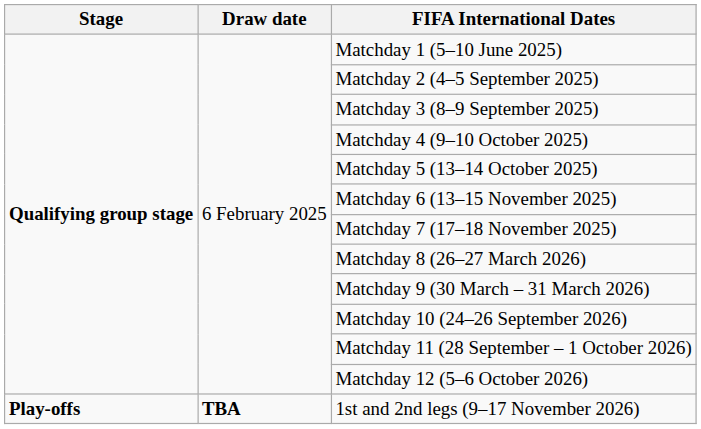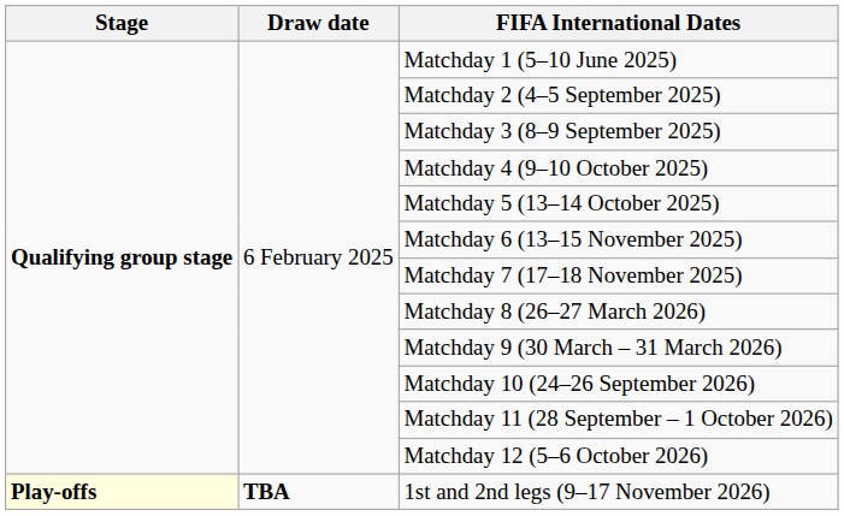 <table class="wikitable">
 <tr>
 <th>Stage</th>
 <th>Draw date</th>
 <th>FIFA International Dates</th>
 </tr>
 <tr>
 <td rowspan="12"><strong>Qualifying group stage</strong></td>
 <td rowspan="12">6 February 2025</td>
 <td>Matchday 1 (5–10 June 2025)</td>
 </tr>
 <tr>
 <td>Matchday 2 (4–5 September 2025)</td>
 </tr>
 <tr>
 <td>Matchday 3 (8–9 September 2025)</td>
 </tr>
 <tr>
 <td>Matchday 4 (9–10 October 2025)</td>
 </tr>
 <tr>
 <td>Matchday 5 (13–14 October 2025)</td>
 </tr>
 <tr>
 <td>Matchday 6 (13–15 November 2025)</td>
 </tr>
 <tr>
 <td>Matchday 7 (17–18 November 2025)</td>
 </tr>
 <tr>
 <td>Matchday 8 (26–27 March 2026)</td>
 </tr>
 <tr>
 <td>Matchday 9 (30 March – 31 March 2026)</td>
 </tr>
 <tr>
 <td>Matchday 10 (24–26 September 2026)</td>
 </tr>
 <tr>
 <td>Matchday 11 (28 September – 1 October 2026)</td>
 </tr>
 <tr>
 <td>Matchday 12 (5–6 October 2026)</td>
 </tr>
 <tr>
-<td><strong>Play-offs</strong></td>
+<td style="background: lightyellow;"><strong>Play-offs</strong></td>
 <td><strong>TBA</strong></td>
 <td>1st and 2nd legs (9–17 November 2026)</td>
 </tr>
 </table>
